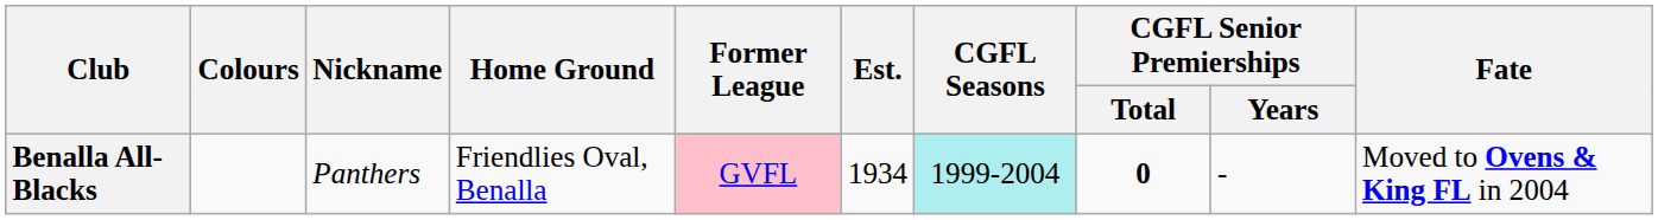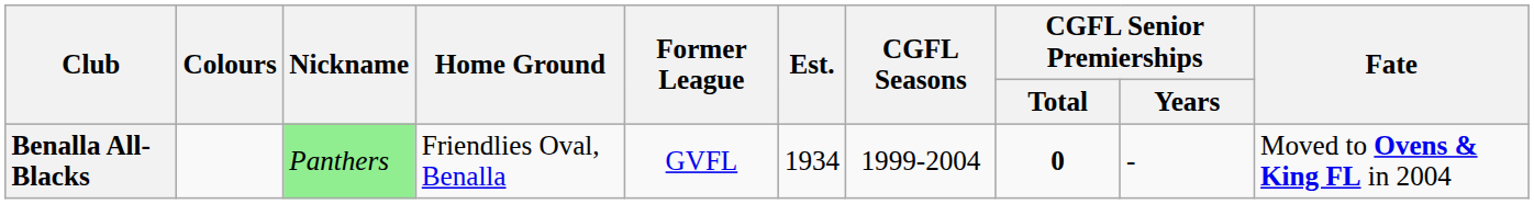 <table class="wikitable sortable " style="width:100%; text-align:left;">
 <tr>
 <th rowspan="2">Club</th>
 <th rowspan="2">Colours</th>
 <th rowspan="2">Nickname</th>
 <th rowspan="2">Home Ground</th>
 <th rowspan="2">Former League</th>
 <th rowspan="2">Est.</th>
 <th rowspan="2">CGFL Seasons</th>
 <th colspan="2">CGFL Senior Premierships</th>
 <th rowspan="2">Fate</th>
 </tr>
 <tr>
 <th>Total</th>
 <th>Years</th>
 </tr>
 <tr>
 <th style="text-align:left">Benalla All-Blacks</th>
 <td></td>
-<td align="left"><em>Panthers</em></td>
+<td align="left" style="background: lightgreen;"><em>Panthers</em></td>
 <td align="left">Friendlies Oval, <a href='#'>Benalla</a></td>
-<td align="center" style="background: pink;"><a href='#'>GVFL</a></td>
+<td align="center"><a href='#'>GVFL</a></td>
 <td align="center">1934</td>
-<td align="center" style="background: paleturquoise;">1999-2004</td>
+<td align="center">1999-2004</td>
 <td align="center"><strong>0</strong></td>
 <td align="left">-</td>
 <td>Moved to <a href='#'><strong>Ovens & King FL</strong></a> in 2004</td>
 </tr>
 </table>
